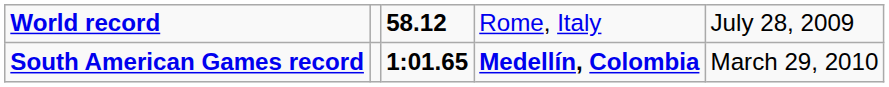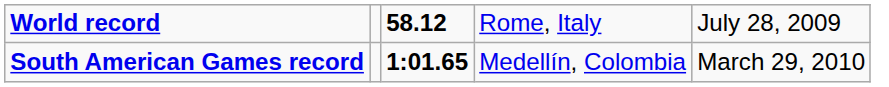 <table class="wikitable">
 <tr>
 <td><strong><a href='#'>World record</a></strong></td>
 <td></td>
 <td><strong>58.12</strong></td>
 <td><a href='#'>Rome</a>, <a href='#'>Italy</a></td>
 <td>July 28, 2009</td>
 </tr>
 <tr>
 <td><strong><a href='#'>South American Games record</a></strong></td>
 <td></td>
 <td><strong>1:01.65</strong></td>
-<td><strong><a href='#'>Medellín</a>, <a href='#'>Colombia</a></strong></td>
+<td><a href='#'>Medellín</a>, <a href='#'>Colombia</a></td>
 <td>March 29, 2010</td>
 </tr>
 </table>
